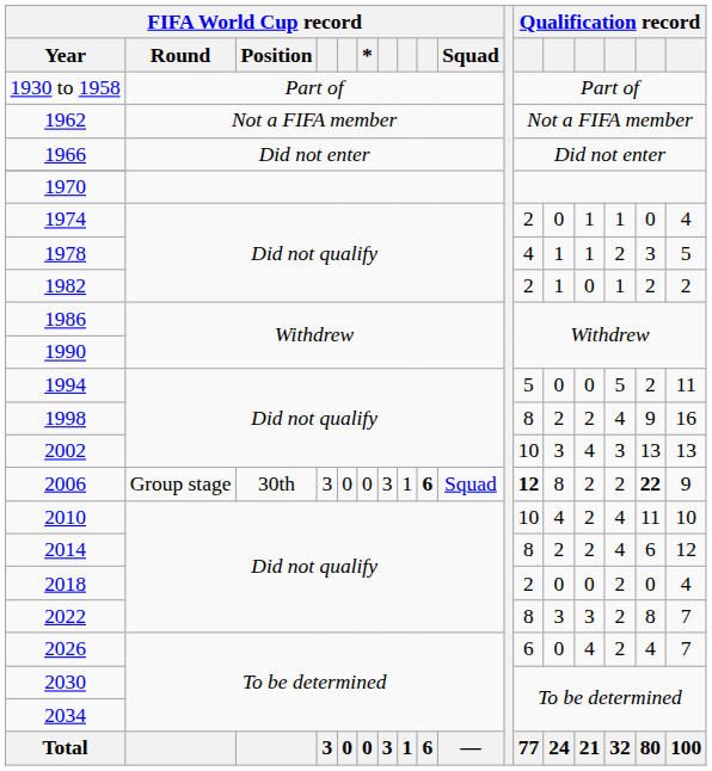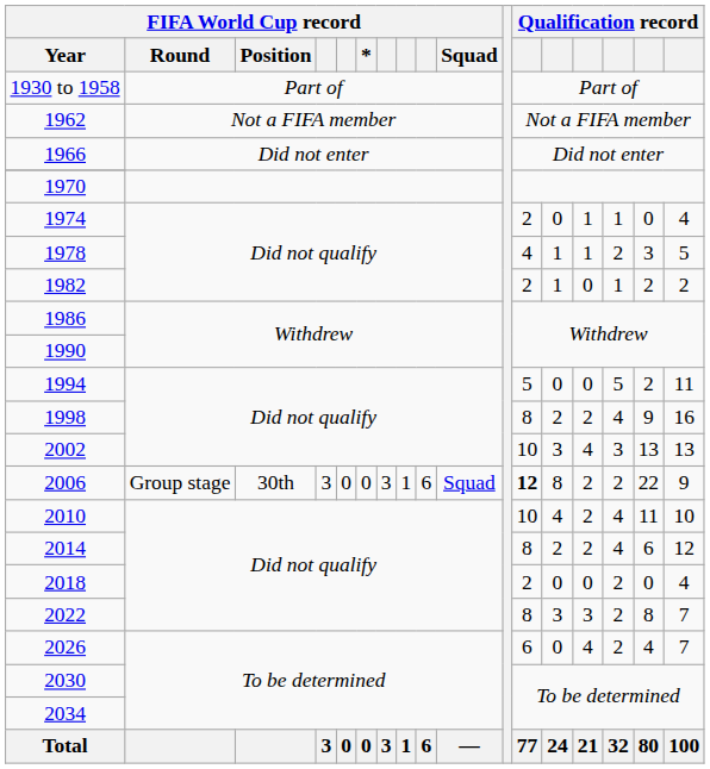 <table class="wikitable" style="text-align: center;">
 <tr>
 <th colspan=10><a href='#'>FIFA World Cup</a> record</th>
 <th rowspan=39></th>
 <th colspan=6><a href='#'>Qualification</a> record</th>
 </tr>
 <tr>
 <th>Year</th>
 <th>Round</th>
 <th>Position</th>
 <th></th>
 <th></th>
 <th>*</th>
 <th></th>
 <th></th>
 <th></th>
 <th>Squad</th>
 <th></th>
 <th></th>
 <th></th>
 <th></th>
 <th></th>
 <th></th>
 </tr>
 <tr>
 <td><a href='#'>1930</a> to <a href='#'>1958</a></td>
 <td colspan=9><em>Part of </em></td>
 <td colspan=6><em>Part of </em></td>
 </tr>
 <tr>
 <td> <a href='#'>1962</a></td>
 <td colspan=9><em>Not a FIFA member</em></td>
 <td colspan=6><em>Not a FIFA member</em></td>
 </tr>
 <tr>
 <td> <a href='#'>1966</a></td>
 <td colspan=9 rowspan=2><em>Did not enter</em></td>
 <td colspan=6 rowspan=2><em>Did not enter</em></td>
 </tr>
 <tr>
 </tr>
 <tr>
 <td> <a href='#'>1970</a></td>
 </tr>
 <tr>
 <td> <a href='#'>1974</a></td>
 <td colspan=9 rowspan=3><em>Did not qualify</em></td>
 <td>2</td>
 <td>0</td>
 <td>1</td>
 <td>1</td>
 <td>0</td>
 <td>4</td>
 </tr>
 <tr>
 <td> <a href='#'>1978</a></td>
 <td>4</td>
 <td>1</td>
 <td>1</td>
 <td>2</td>
 <td>3</td>
 <td>5</td>
 </tr>
 <tr>
 <td> <a href='#'>1982</a></td>
 <td>2</td>
 <td>1</td>
 <td>0</td>
 <td>1</td>
 <td>2</td>
 <td>2</td>
 </tr>
 <tr>
 <td> <a href='#'>1986</a></td>
 <td colspan=9 rowspan=2><em>Withdrew</em></td>
 <td colspan=6 rowspan=2><em>Withdrew</em></td>
 </tr>
 <tr>
 <td> <a href='#'>1990</a></td>
 </tr>
 <tr>
 <td> <a href='#'>1994</a></td>
 <td colspan=9 rowspan=3><em>Did not qualify</em></td>
 <td>5</td>
 <td>0</td>
 <td>0</td>
 <td>5</td>
 <td>2</td>
 <td>11</td>
 </tr>
 <tr>
 <td> <a href='#'>1998</a></td>
 <td>8</td>
 <td>2</td>
 <td>2</td>
 <td>4</td>
 <td>9</td>
 <td>16</td>
 </tr>
 <tr>
 <td>  <a href='#'>2002</a></td>
 <td>10</td>
 <td>3</td>
 <td>4</td>
 <td>3</td>
 <td>13</td>
 <td>13</td>
 </tr>
 <tr>
 <td> <a href='#'>2006</a></td>
 <td>Group stage</td>
 <td>30th</td>
 <td>3</td>
 <td>0</td>
 <td>0</td>
 <td>3</td>
 <td>1</td>
-<td><strong>6</strong></td>
+<td>6</td>
 <td><a href='#'>Squad</a></td>
 <td><strong>12</strong></td>
 <td>8</td>
 <td>2</td>
 <td>2</td>
-<td><strong>22</strong></td>
+<td>22</td>
 <td>9</td>
 </tr>
 <tr>
 <td> <a href='#'>2010</a></td>
 <td colspan=9 rowspan=4><em>Did not qualify</em></td>
 <td>10</td>
 <td>4</td>
 <td>2</td>
 <td>4</td>
 <td>11</td>
 <td>10</td>
 </tr>
 <tr>
 <td> <a href='#'>2014</a></td>
 <td>8</td>
 <td>2</td>
 <td>2</td>
 <td>4</td>
 <td>6</td>
 <td>12</td>
 </tr>
 <tr>
 <td> <a href='#'>2018</a></td>
 <td>2</td>
 <td>0</td>
 <td>0</td>
 <td>2</td>
 <td>0</td>
 <td>4</td>
 </tr>
 <tr>
 <td> <a href='#'>2022</a></td>
 <td>8</td>
 <td>3</td>
 <td>3</td>
 <td>2</td>
 <td>8</td>
 <td>7</td>
 </tr>
 <tr>
 <td>   <a href='#'>2026</a></td>
 <td colspan=9 rowspan=3><em>To be determined</em></td>
 <td>6</td>
 <td>0</td>
 <td>4</td>
 <td>2</td>
 <td>4</td>
 <td>7</td>
 </tr>
 <tr>
 <td>   <a href='#'>2030</a></td>
 <td colspan=6 rowspan=2><em>To be determined</em></td>
 </tr>
 <tr>
 <td> <a href='#'>2034</a></td>
 </tr>
 <tr>
 <th>Total</th>
 <th></th>
 <th></th>
 <th>3</th>
 <th>0</th>
 <th>0</th>
 <th>3</th>
 <th>1</th>
 <th>6</th>
 <th>—</th>
 <th>77</th>
 <th>24</th>
 <th>21</th>
 <th>32</th>
 <th>80</th>
 <th>100</th>
 </tr>
 </table>
